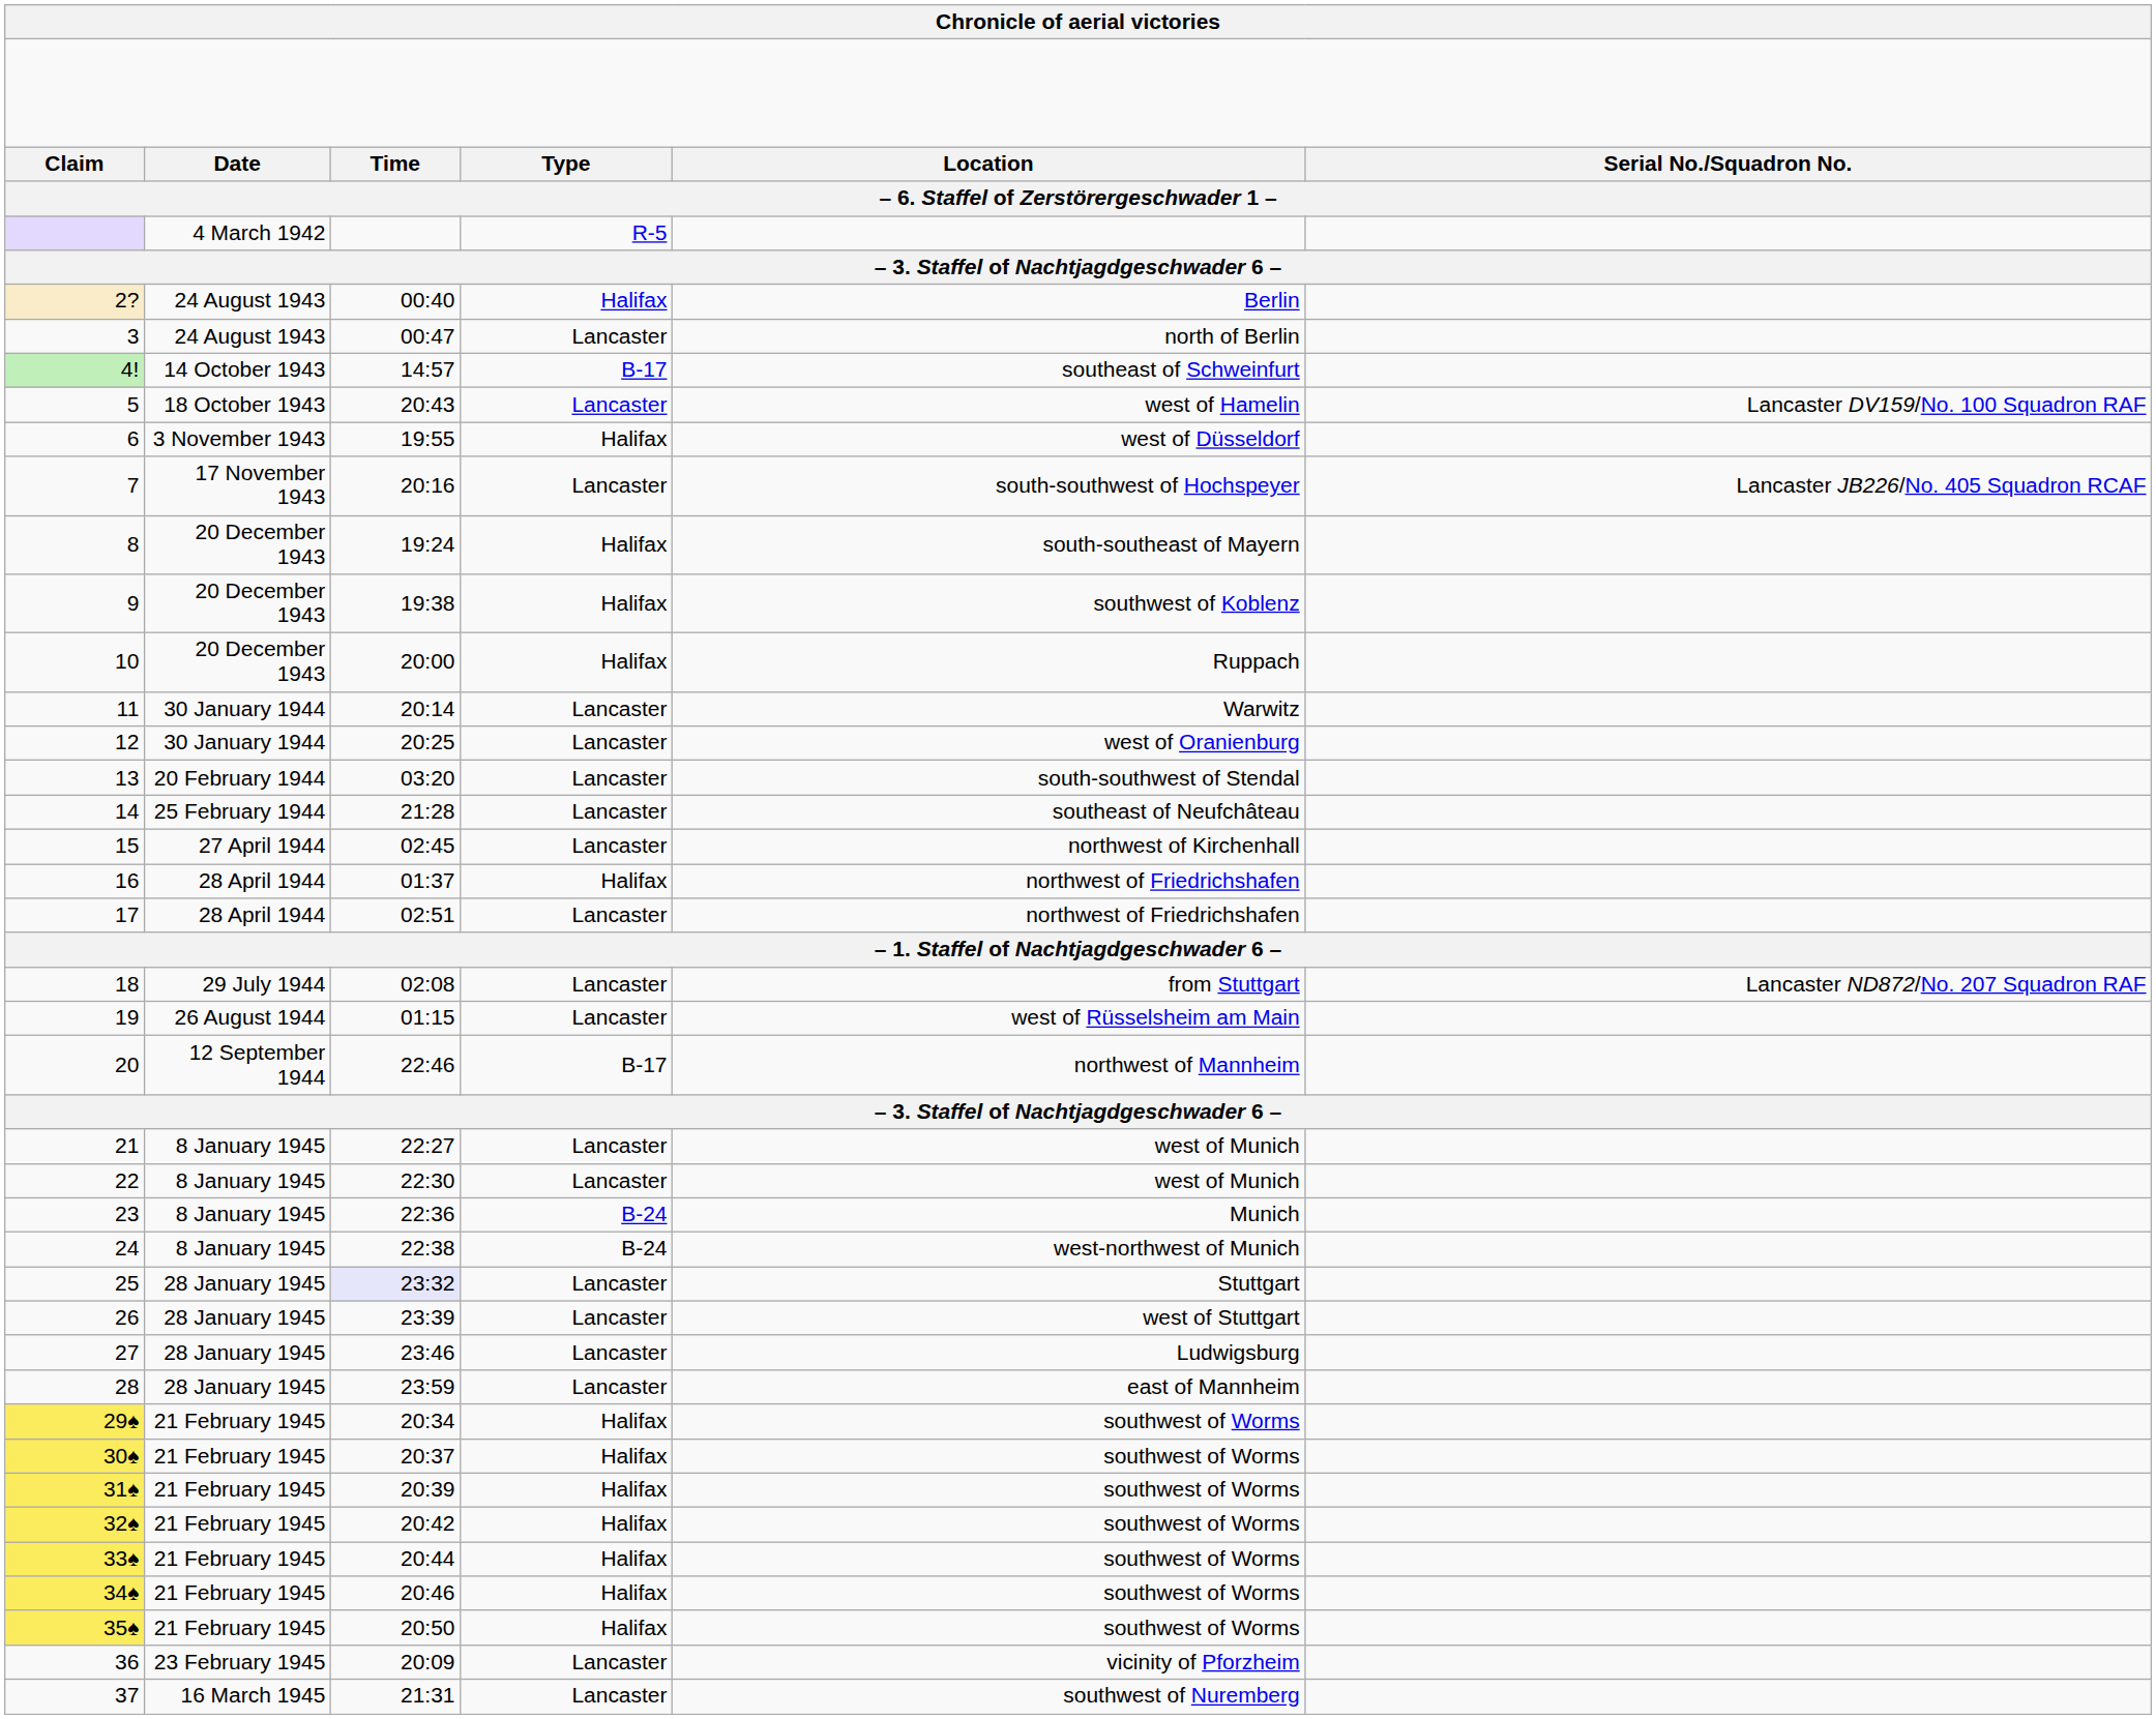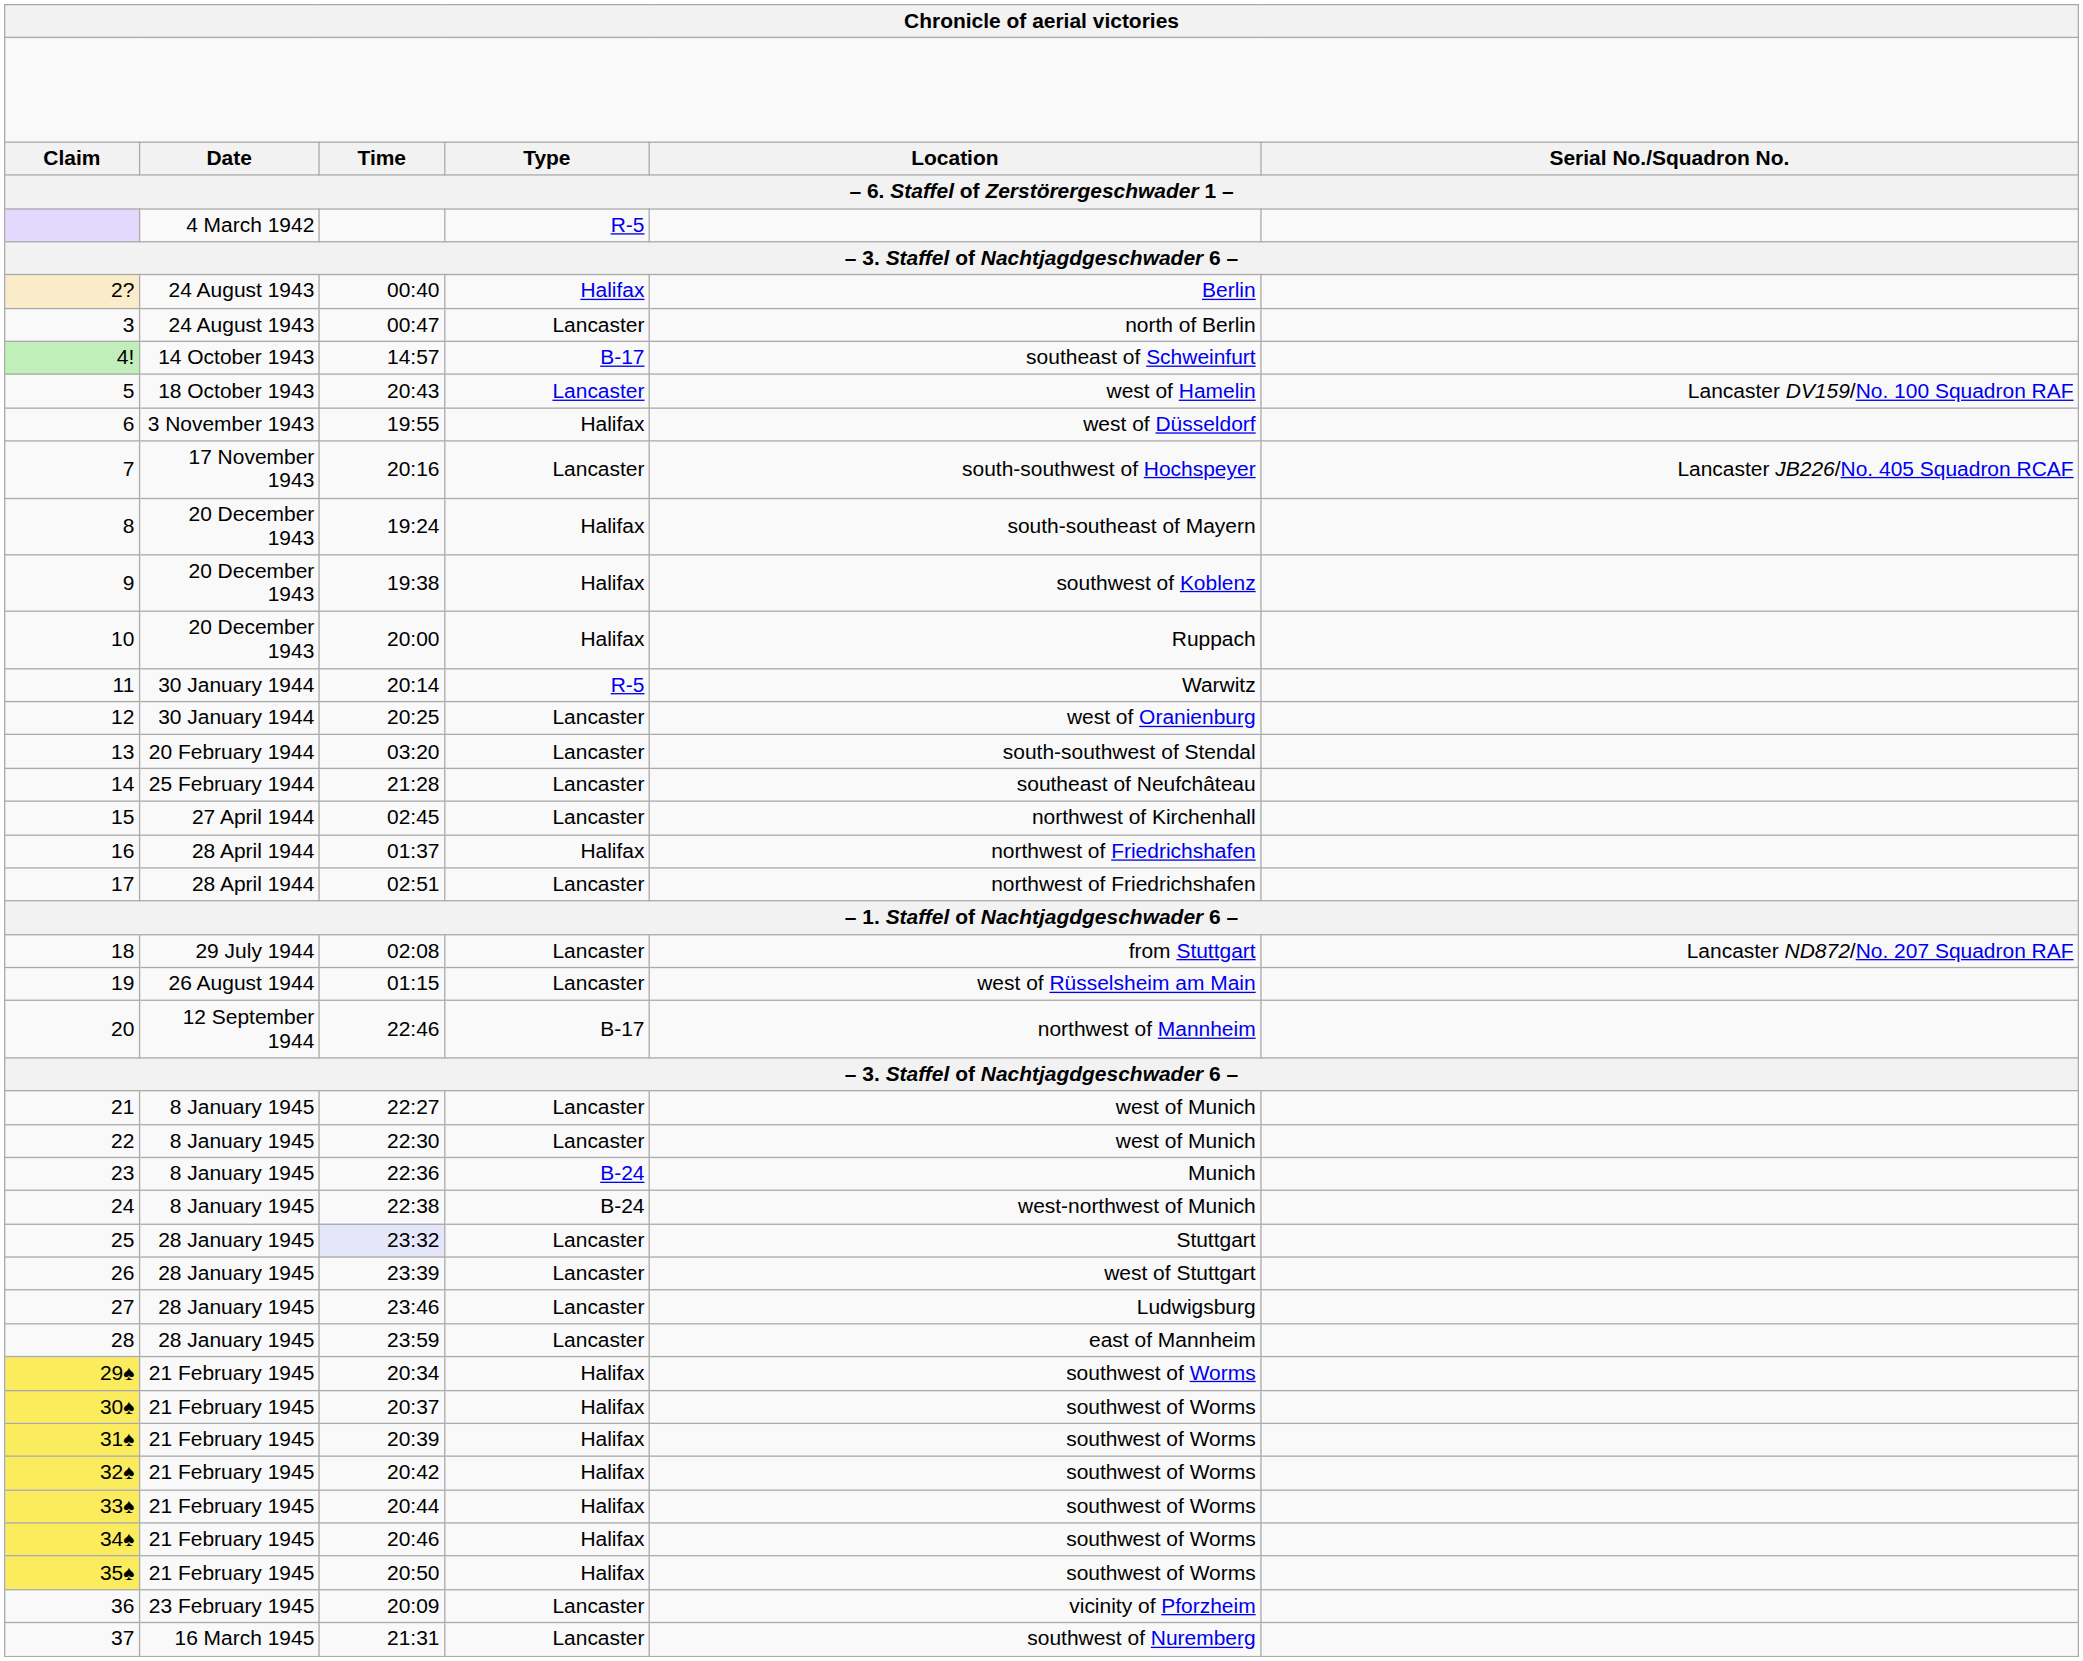 <table class="wikitable plainrowheaders collapsible collapsed" style="margin-left: auto; margin-right: auto; border: none; text-align:right; width: 100%;">
 <tr>
 <th colspan="6">Chronicle of aerial victories</th>
 </tr>
 <tr>
 <td colspan="6" style="text-align: left;"><br><br> <br> <br> </td>
 </tr>
 <tr>
 <th scope="col">Claim</th>
 <th scope="col" style="width:130px">Date</th>
 <th scope="col">Time</th>
 <th scope="col">Type</th>
 <th scope="col">Location</th>
 <th scope="col">Serial No./Squadron No.</th>
 </tr>
 <tr>
 <th colspan="6">– 6. <em>Staffel</em> of <em>Zerstörergeschwader</em> 1 –</th>
 </tr>
 <tr>
 <td style="background:#e3d9ff;"></td>
 <td>4 March 1942</td>
 <td></td>
 <td><a href='#'>R-5</a></td>
 <td></td>
 <td></td>
 </tr>
 <tr>
 <th colspan="6">– 3. <em>Staffel</em> of <em>Nachtjagdgeschwader</em> 6 –</th>
 </tr>
 <tr>
 <td style="background:#faecc8">2?</td>
 <td>24 August 1943</td>
 <td>00:40</td>
 <td><a href='#'>Halifax</a></td>
 <td><a href='#'>Berlin</a></td>
 <td></td>
 </tr>
 <tr>
 <td>3</td>
 <td>24 August 1943</td>
 <td>00:47</td>
 <td>Lancaster</td>
 <td>north of Berlin</td>
 <td></td>
 </tr>
 <tr>
 <td style="background:#C0EFBA">4!</td>
 <td>14 October 1943</td>
 <td>14:57</td>
 <td><a href='#'>B-17</a></td>
 <td> southeast of <a href='#'>Schweinfurt</a></td>
 <td></td>
 </tr>
 <tr>
 <td>5</td>
 <td>18 October 1943</td>
 <td>20:43</td>
 <td><a href='#'>Lancaster</a></td>
 <td> west of <a href='#'>Hamelin</a></td>
 <td>Lancaster <em>DV159</em>/<a href='#'>No. 100 Squadron RAF</a></td>
 </tr>
 <tr>
 <td>6</td>
 <td>3 November 1943</td>
 <td>19:55</td>
 <td>Halifax</td>
 <td> west of <a href='#'>Düsseldorf</a></td>
 <td></td>
 </tr>
 <tr>
 <td>7</td>
 <td>17 November 1943</td>
 <td>20:16</td>
 <td>Lancaster</td>
 <td>south-southwest of <a href='#'>Hochspeyer</a></td>
 <td>Lancaster <em>JB226</em>/<a href='#'>No. 405 Squadron RCAF</a></td>
 </tr>
 <tr>
 <td>8</td>
 <td>20 December 1943</td>
 <td>19:24</td>
 <td>Halifax</td>
 <td>south-southeast of Mayern</td>
 <td></td>
 </tr>
 <tr>
 <td>9</td>
 <td>20 December 1943</td>
 <td>19:38</td>
 <td>Halifax</td>
 <td> southwest of <a href='#'>Koblenz</a></td>
 <td></td>
 </tr>
 <tr>
 <td>10</td>
 <td>20 December 1943</td>
 <td>20:00</td>
 <td>Halifax</td>
 <td>Ruppach</td>
 <td></td>
 </tr>
 <tr>
 <td>11</td>
 <td>30 January 1944</td>
 <td>20:14</td>
-<td>Lancaster</td>
+<td><a href='#'>R-5</a></td>
 <td>Warwitz</td>
 <td></td>
 </tr>
 <tr>
 <td>12</td>
 <td>30 January 1944</td>
 <td>20:25</td>
 <td>Lancaster</td>
 <td> west of <a href='#'>Oranienburg</a></td>
 <td></td>
 </tr>
 <tr>
 <td>13</td>
 <td>20 February 1944</td>
 <td>03:20</td>
 <td>Lancaster</td>
 <td> south-southwest of Stendal</td>
 <td></td>
 </tr>
 <tr>
 <td>14</td>
 <td>25 February 1944</td>
 <td>21:28</td>
 <td>Lancaster</td>
 <td>southeast of Neufchâteau</td>
 <td></td>
 </tr>
 <tr>
 <td>15</td>
 <td>27 April 1944</td>
 <td>02:45</td>
 <td>Lancaster</td>
 <td> northwest of Kirchenhall</td>
 <td></td>
 </tr>
 <tr>
 <td>16</td>
 <td>28 April 1944</td>
 <td>01:37</td>
 <td>Halifax</td>
 <td> northwest of <a href='#'>Friedrichshafen</a></td>
 <td></td>
 </tr>
 <tr>
 <td>17</td>
 <td>28 April 1944</td>
 <td>02:51</td>
 <td>Lancaster</td>
 <td> northwest of Friedrichshafen</td>
 <td></td>
 </tr>
 <tr>
 <th colspan="6">– 1. <em>Staffel</em> of <em>Nachtjagdgeschwader</em> 6 –</th>
 </tr>
 <tr>
 <td>18</td>
 <td>29 July 1944</td>
 <td>02:08</td>
 <td>Lancaster</td>
 <td> from <a href='#'>Stuttgart</a></td>
 <td>Lancaster <em>ND872</em>/<a href='#'>No. 207 Squadron RAF</a></td>
 </tr>
 <tr>
 <td>19</td>
 <td>26 August 1944</td>
 <td>01:15</td>
 <td>Lancaster</td>
 <td>west of <a href='#'>Rüsselsheim am Main</a></td>
 <td></td>
 </tr>
 <tr>
 <td>20</td>
 <td>12 September 1944</td>
 <td>22:46</td>
 <td>B-17</td>
 <td>northwest of <a href='#'>Mannheim</a></td>
 <td></td>
 </tr>
 <tr>
 <th colspan="6">– 3. <em>Staffel</em> of <em>Nachtjagdgeschwader</em> 6 –</th>
 </tr>
 <tr>
 <td>21</td>
 <td>8 January 1945</td>
 <td>22:27</td>
 <td>Lancaster</td>
 <td>west of Munich</td>
 <td></td>
 </tr>
 <tr>
 <td>22</td>
 <td>8 January 1945</td>
 <td>22:30</td>
 <td>Lancaster</td>
 <td>west of Munich</td>
 <td></td>
 </tr>
 <tr>
 <td>23</td>
 <td>8 January 1945</td>
 <td>22:36</td>
 <td><a href='#'>B-24</a></td>
 <td>Munich</td>
 <td></td>
 </tr>
 <tr>
 <td>24</td>
 <td>8 January 1945</td>
 <td>22:38</td>
 <td>B-24</td>
 <td>west-northwest of Munich</td>
 <td></td>
 </tr>
 <tr>
 <td>25</td>
 <td>28 January 1945</td>
 <td style="background: lavender;">23:32</td>
 <td>Lancaster</td>
 <td>Stuttgart</td>
 <td></td>
 </tr>
 <tr>
 <td>26</td>
 <td>28 January 1945</td>
 <td>23:39</td>
 <td>Lancaster</td>
 <td>west of Stuttgart</td>
 <td></td>
 </tr>
 <tr>
 <td>27</td>
 <td>28 January 1945</td>
 <td>23:46</td>
 <td>Lancaster</td>
 <td>Ludwigsburg</td>
 <td></td>
 </tr>
 <tr>
 <td>28</td>
 <td>28 January 1945</td>
 <td>23:59</td>
 <td>Lancaster</td>
 <td>east of Mannheim</td>
 <td></td>
 </tr>
 <tr>
 <td style="background:#fbec5d;">29♠</td>
 <td>21 February 1945</td>
 <td>20:34</td>
 <td>Halifax</td>
 <td>southwest of <a href='#'>Worms</a></td>
 <td></td>
 </tr>
 <tr>
 <td style="background:#fbec5d;">30♠</td>
 <td>21 February 1945</td>
 <td>20:37</td>
 <td>Halifax</td>
 <td>southwest of Worms</td>
 <td></td>
 </tr>
 <tr>
 <td style="background:#fbec5d;">31♠</td>
 <td>21 February 1945</td>
 <td>20:39</td>
 <td>Halifax</td>
 <td>southwest of Worms</td>
 <td></td>
 </tr>
 <tr>
 <td style="background:#fbec5d;">32♠</td>
 <td>21 February 1945</td>
 <td>20:42</td>
 <td>Halifax</td>
 <td>southwest of Worms</td>
 <td></td>
 </tr>
 <tr>
 <td style="background:#fbec5d;">33♠</td>
 <td>21 February 1945</td>
 <td>20:44</td>
 <td>Halifax</td>
 <td>southwest of Worms</td>
 <td></td>
 </tr>
 <tr>
 <td style="background:#fbec5d;">34♠</td>
 <td>21 February 1945</td>
 <td>20:46</td>
 <td>Halifax</td>
 <td>southwest of Worms</td>
 <td></td>
 </tr>
 <tr>
 <td style="background:#fbec5d;">35♠</td>
 <td>21 February 1945</td>
 <td>20:50</td>
 <td>Halifax</td>
 <td>southwest of Worms</td>
 <td></td>
 </tr>
 <tr>
 <td>36</td>
 <td>23 February 1945</td>
 <td>20:09</td>
 <td>Lancaster</td>
 <td>vicinity of <a href='#'>Pforzheim</a></td>
 <td></td>
 </tr>
 <tr>
 <td>37</td>
 <td>16 March 1945</td>
 <td>21:31</td>
 <td>Lancaster</td>
 <td>southwest of <a href='#'>Nuremberg</a></td>
 <td></td>
 </tr>
 </table>
